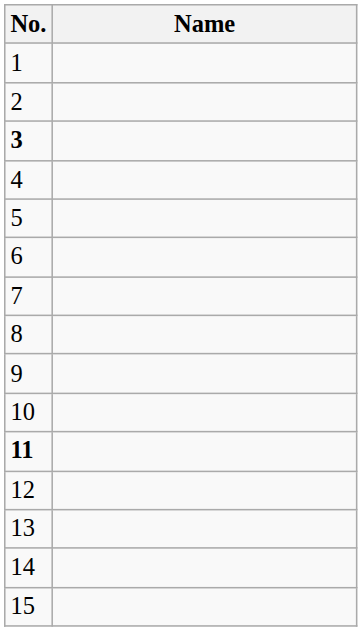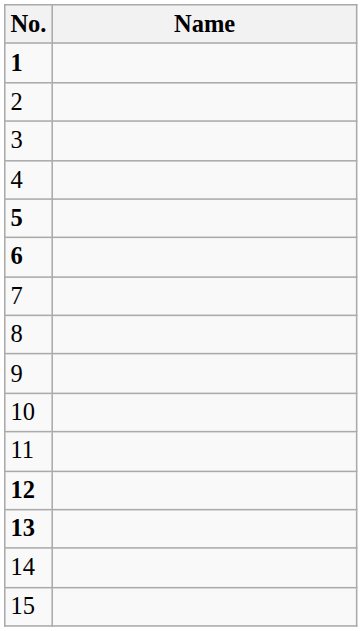 <table class=wikitable sortable style=font-size:100%; text-align:center;>
 <tr>
 <th>No.</th>
 <th style=width:12em>Name</th>
 </tr>
 <tr>
-<td>1</td>
+<td><strong>1</strong></td>
 <td align=left></td>
 </tr>
 <tr>
 <td>2</td>
 <td align=left></td>
 </tr>
 <tr>
-<td><strong>3</strong></td>
+<td>3</td>
 <td align=left></td>
 </tr>
 <tr>
 <td>4</td>
 <td align=left></td>
 </tr>
 <tr>
-<td>5</td>
+<td><strong>5</strong></td>
 <td align=left></td>
 </tr>
 <tr>
-<td>6</td>
+<td><strong>6</strong></td>
 <td align=left></td>
 </tr>
 <tr>
 <td>7</td>
 <td align=left></td>
 </tr>
 <tr>
 <td>8</td>
 <td align=left></td>
 </tr>
 <tr>
 <td>9</td>
 <td align=left></td>
 </tr>
 <tr>
 <td>10</td>
 <td align=left></td>
 </tr>
 <tr>
-<td><strong>11</strong></td>
+<td>11</td>
 <td align=left></td>
 </tr>
 <tr>
-<td>12</td>
+<td><strong>12</strong></td>
 <td align=left></td>
 </tr>
 <tr>
-<td>13</td>
+<td><strong>13</strong></td>
 <td align=left></td>
 </tr>
 <tr>
 <td>14</td>
 <td align=left></td>
 </tr>
 <tr>
 <td>15</td>
 <td align=left></td>
 </tr>
 </table>
